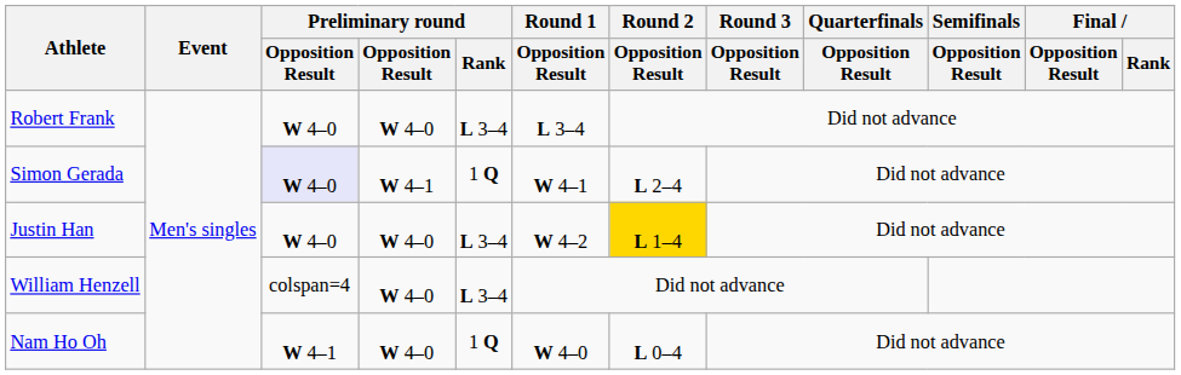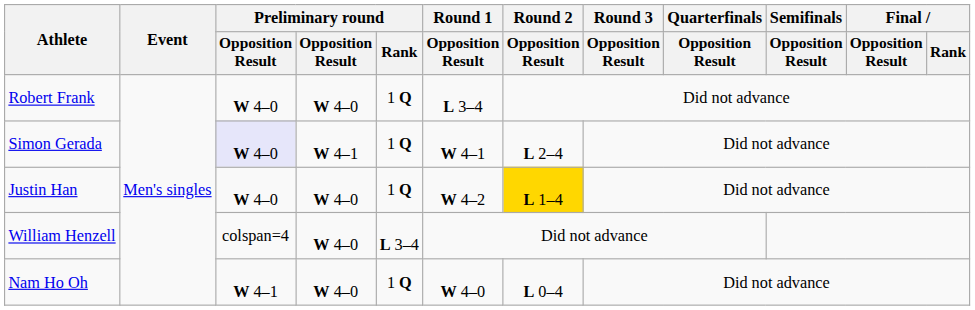 <table class="wikitable" style="font-size:90%">
 <tr>
 <th rowspan="2">Athlete</th>
 <th rowspan="2">Event</th>
 <th colspan=3>Preliminary round</th>
 <th>Round 1</th>
 <th>Round 2</th>
 <th>Round 3</th>
 <th>Quarterfinals</th>
 <th>Semifinals</th>
 <th colspan=2>Final / </th>
 </tr>
 <tr style="font-size:95%">
 <th>Opposition<br>Result</th>
 <th>Opposition<br>Result</th>
 <th>Rank</th>
 <th>Opposition<br>Result</th>
 <th>Opposition<br>Result</th>
 <th>Opposition<br>Result</th>
 <th>Opposition<br>Result</th>
 <th>Opposition<br>Result</th>
 <th>Opposition<br>Result</th>
 <th>Rank</th>
 </tr>
 <tr align=center>
 <td align=left><a href='#'>Robert Frank</a></td>
 <td align=left rowspan=5><a href='#'>Men's singles</a></td>
 <td><br><strong>W</strong> 4–0</td>
 <td><br><strong>W</strong> 4–0</td>
-<td><br><strong>L</strong> 3–4</td>
+<td>1 <strong>Q</strong></td>
 <td><br><strong>L</strong> 3–4</td>
 <td colspan=6>Did not advance</td>
 </tr>
 <tr align=center>
 <td align=left><a href='#'>Simon Gerada</a></td>
 <td style="background: lavender;"><br><strong>W</strong> 4–0</td>
 <td><br><strong>W</strong> 4–1</td>
 <td>1 <strong>Q</strong></td>
 <td><br><strong>W</strong> 4–1</td>
 <td><br><strong>L</strong> 2–4</td>
 <td colspan=5>Did not advance</td>
 </tr>
 <tr align=center>
 <td align=left><a href='#'>Justin Han</a></td>
 <td><br><strong>W</strong> 4–0</td>
 <td><br><strong>W</strong> 4–0</td>
-<td><br><strong>L</strong> 3–4</td>
+<td>1 <strong>Q</strong></td>
 <td><br><strong>W</strong> 4–2</td>
 <td style="background: gold;"><br><strong>L</strong> 1–4</td>
 <td colspan=5>Did not advance</td>
 </tr>
 <tr align=center>
 <td align=left><a href='#'>William Henzell</a></td>
 <td>colspan=4 </td>
 <td><br><strong>W</strong> 4–0</td>
 <td><br><strong>L</strong> 3–4</td>
 <td colspan=4>Did not advance</td>
 </tr>
 <tr align=center>
 <td align=left><a href='#'>Nam Ho Oh</a></td>
 <td><br><strong>W</strong> 4–1</td>
 <td><br><strong>W</strong> 4–0</td>
 <td>1 <strong>Q</strong></td>
 <td><br><strong>W</strong> 4–0</td>
 <td><br><strong>L</strong> 0–4</td>
 <td colspan=5>Did not advance</td>
 </tr>
 </table>
